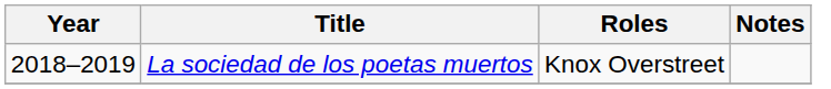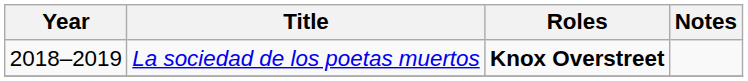 <table class="wikitable sortable">
 <tr>
 <th>Year</th>
 <th>Title</th>
 <th>Roles</th>
 <th>Notes</th>
 </tr>
 <tr>
 <td>2018–2019</td>
 <td><em><a href='#'>La sociedad de los poetas muertos</a></em></td>
-<td>Knox Overstreet</td>
+<td><strong>Knox Overstreet</strong></td>
 <td></td>
 </tr>
 <tr>
 </tr>
 </table>
